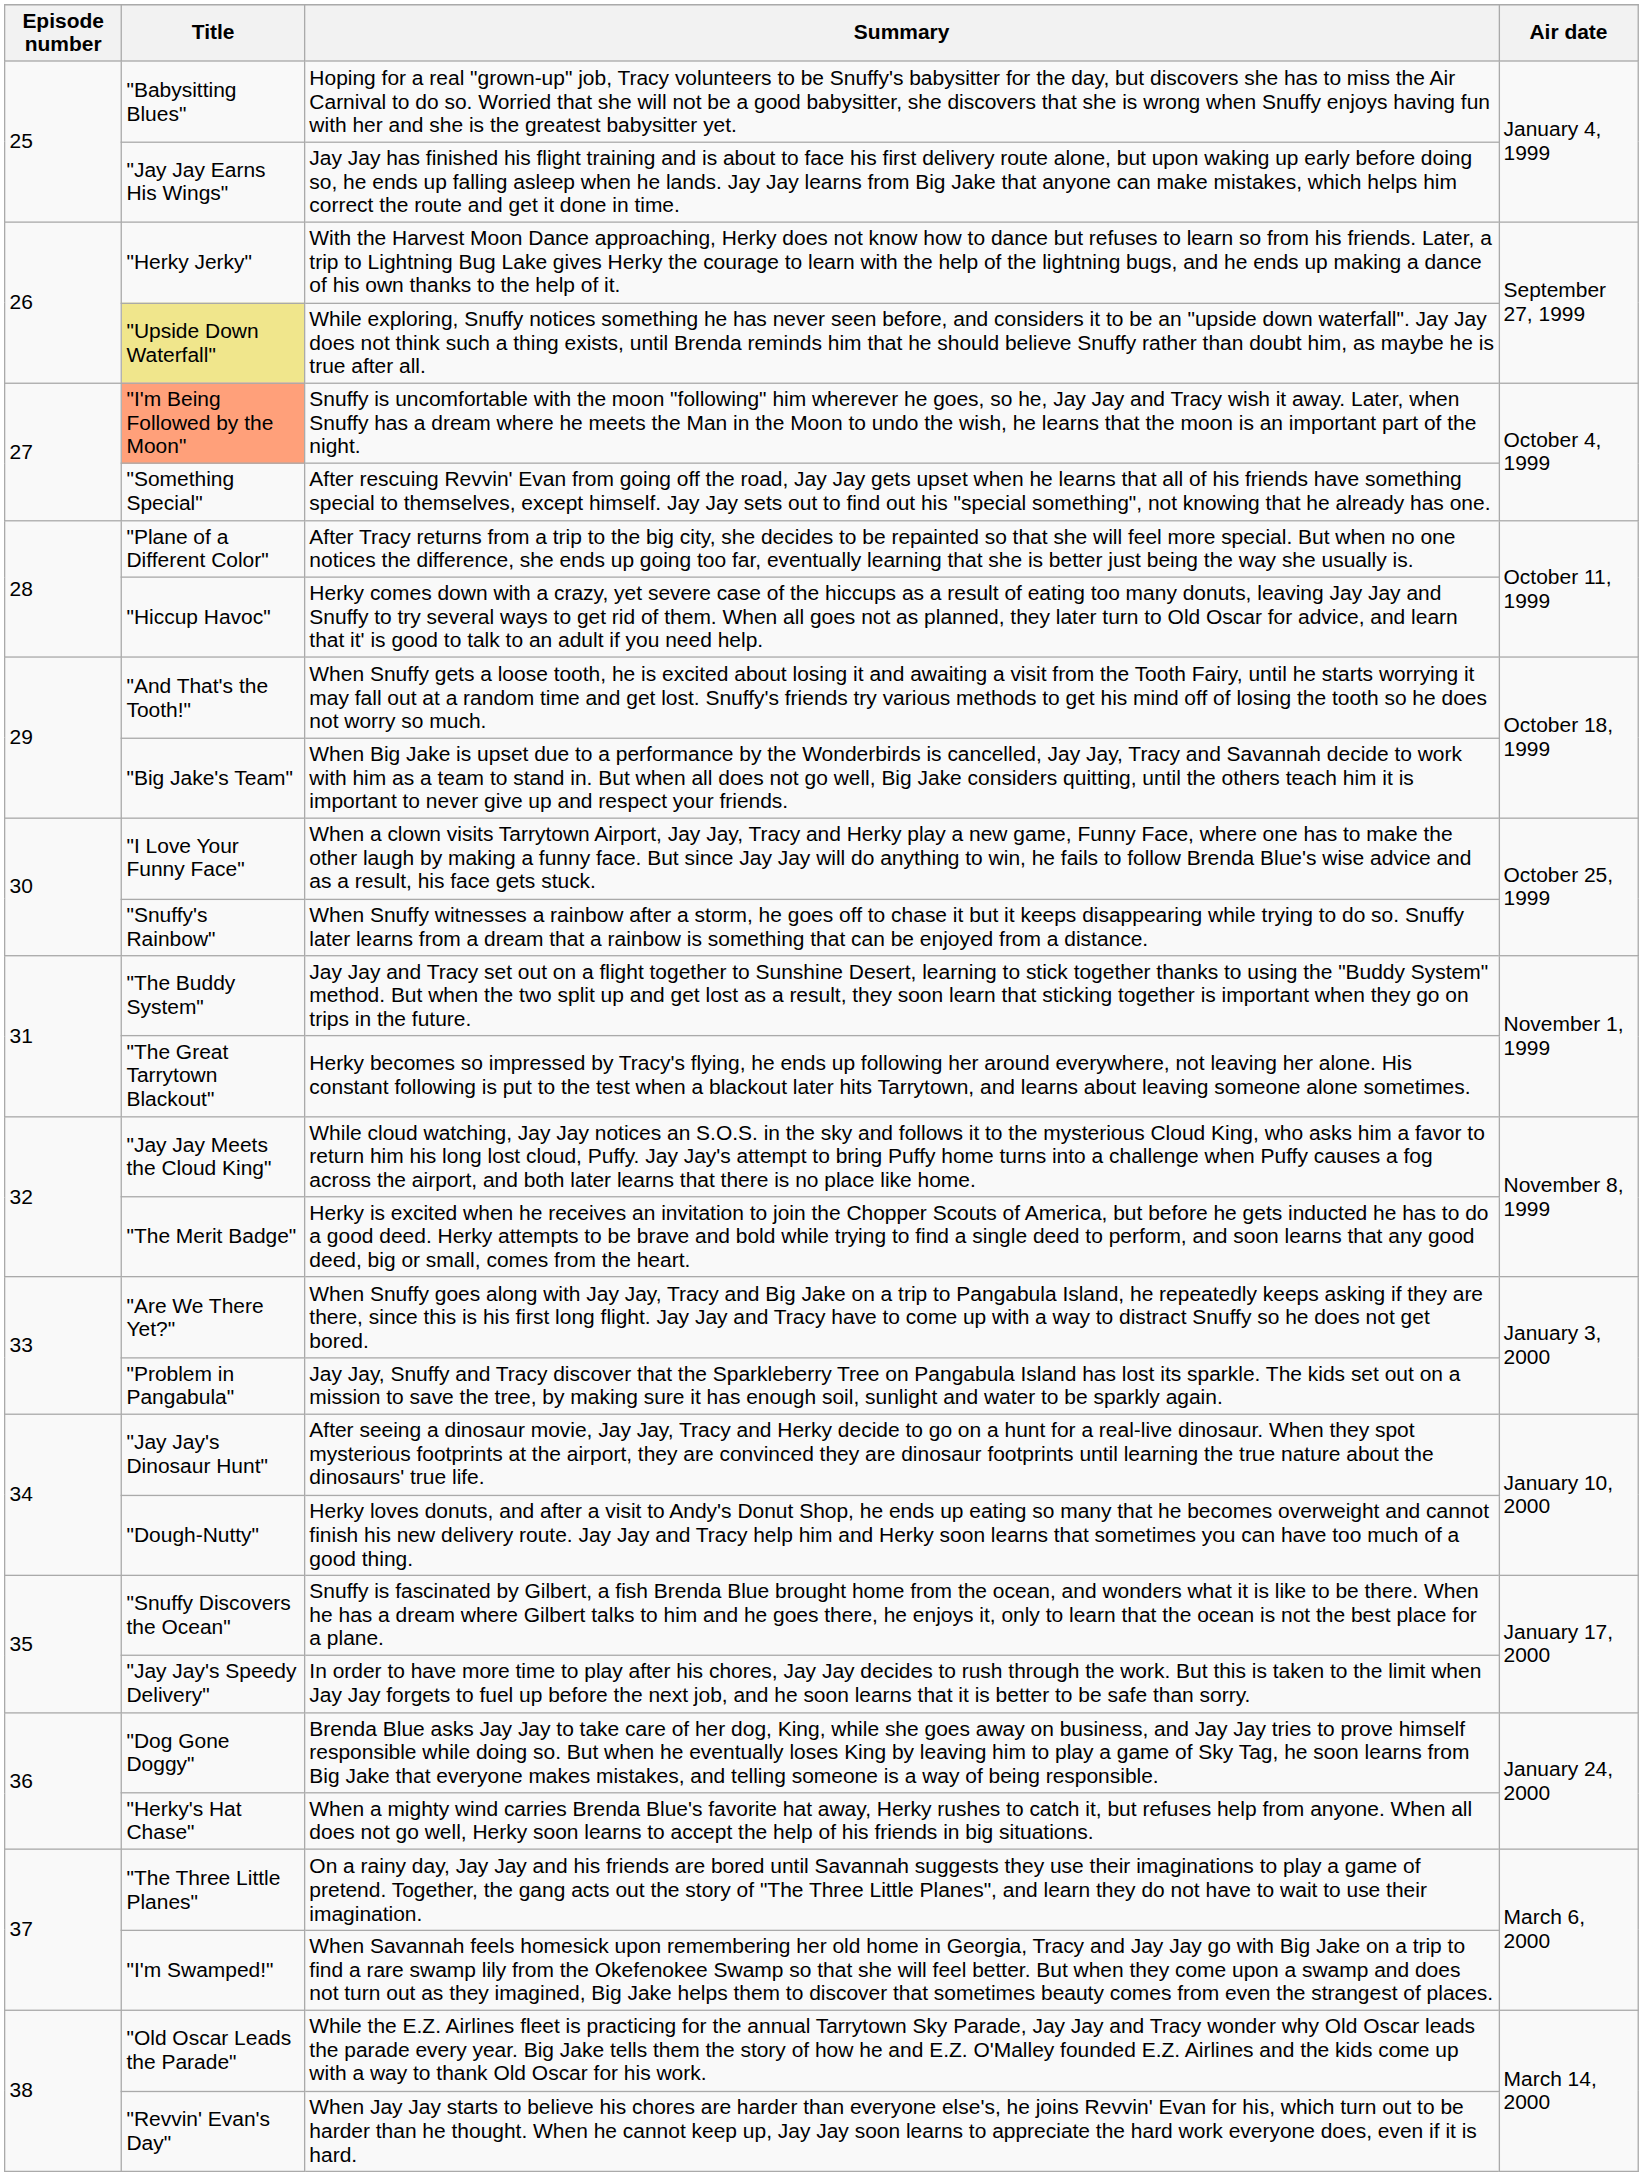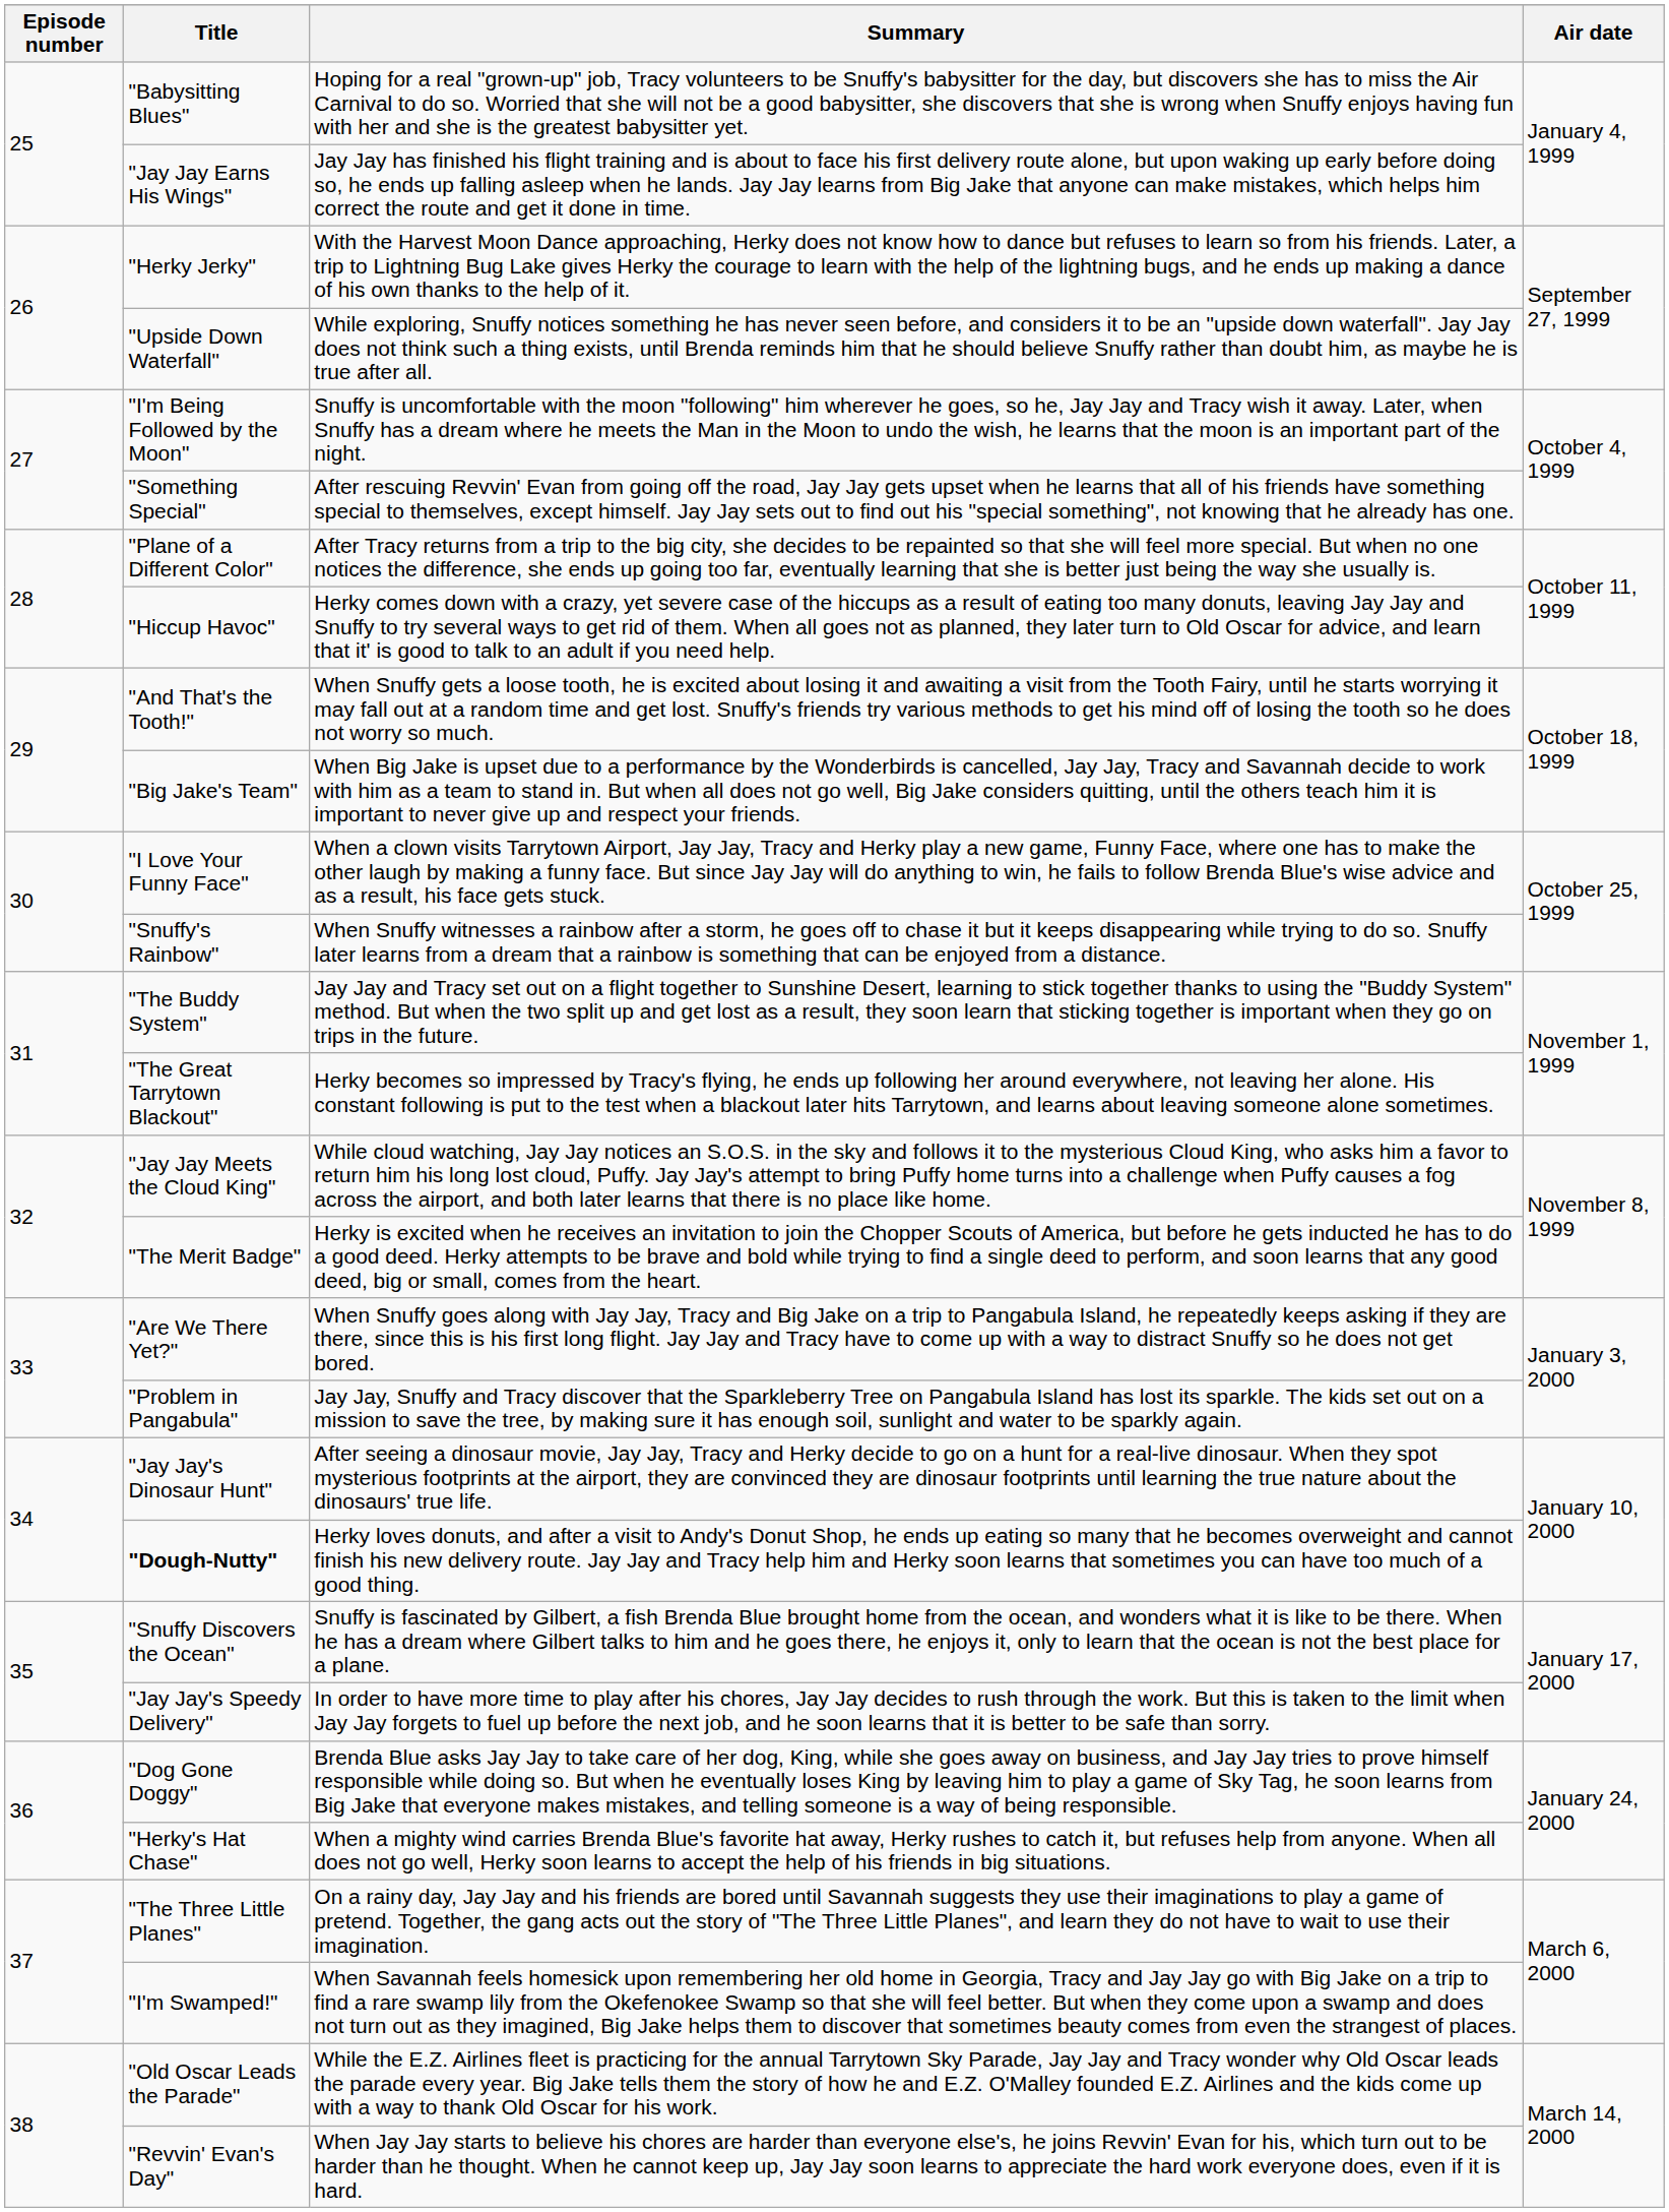 <table class="wikitable">
 <tr style="background-color:#90b;text-align:center;">
 </tr>
 <tr>
 <th>Episode number</th>
 <th>Title</th>
 <th>Summary</th>
 <th>Air date</th>
 </tr>
 <tr>
 <td rowspan="2">25</td>
 <td>"Babysitting Blues"</td>
 <td>Hoping for a real "grown-up" job, Tracy volunteers to be Snuffy's babysitter for the day, but discovers she has to miss the Air Carnival to do so. Worried that she will not be a good babysitter, she discovers that she is wrong when Snuffy enjoys having fun with her and she is the greatest babysitter yet.</td>
 <td rowspan="2">January 4, 1999</td>
 </tr>
 <tr>
 <td>"Jay Jay Earns His Wings"</td>
 <td>Jay Jay has finished his flight training and is about to face his first delivery route alone, but upon waking up early before doing so, he ends up falling asleep when he lands. Jay Jay learns from Big Jake that anyone can make mistakes, which helps him correct the route and get it done in time.</td>
 </tr>
 <tr>
 <td rowspan="2">26</td>
 <td>"Herky Jerky"</td>
 <td>With the Harvest Moon Dance approaching, Herky does not know how to dance but refuses to learn so from his friends. Later, a trip to Lightning Bug Lake gives Herky the courage to learn with the help of the lightning bugs, and he ends up making a dance of his own thanks to the help of it.</td>
 <td rowspan="2">September 27, 1999</td>
 </tr>
 <tr>
-<td style="background: khaki;">"Upside Down Waterfall"</td>
+<td>"Upside Down Waterfall"</td>
 <td>While exploring, Snuffy notices something he has never seen before, and considers it to be an "upside down waterfall". Jay Jay does not think such a thing exists, until Brenda reminds him that he should believe Snuffy rather than doubt him, as maybe he is true after all.</td>
 </tr>
 <tr>
 <td rowspan="2">27</td>
-<td style="background: lightsalmon;">"I'm Being Followed by the Moon"</td>
+<td>"I'm Being Followed by the Moon"</td>
 <td>Snuffy is uncomfortable with the moon "following" him wherever he goes, so he, Jay Jay and Tracy wish it away. Later, when Snuffy has a dream where he meets the Man in the Moon to undo the wish, he learns that the moon is an important part of the night.</td>
 <td rowspan="2">October 4, 1999</td>
 </tr>
 <tr>
 <td>"Something Special"</td>
 <td>After rescuing Revvin' Evan from going off the road, Jay Jay gets upset when he learns that all of his friends have something special to themselves, except himself. Jay Jay sets out to find out his "special something", not knowing that he already has one.</td>
 </tr>
 <tr>
 <td rowspan="2">28</td>
 <td>"Plane of a Different Color"</td>
 <td>After Tracy returns from a trip to the big city, she decides to be repainted so that she will feel more special. But when no one notices the difference, she ends up going too far, eventually learning that she is better just being the way she usually is.</td>
 <td rowspan="2">October 11, 1999</td>
 </tr>
 <tr>
 <td>"Hiccup Havoc"</td>
 <td>Herky comes down with a crazy, yet severe case of the hiccups as a result of eating too many donuts, leaving Jay Jay and Snuffy to try several ways to get rid of them. When all goes not as planned, they later turn to Old Oscar for advice, and learn that it' is good to talk to an adult if you need help.</td>
 </tr>
 <tr>
 <td rowspan="2">29</td>
 <td>"And That's the Tooth!"</td>
 <td>When Snuffy gets a loose tooth, he is excited about losing it and awaiting a visit from the Tooth Fairy, until he starts worrying it may fall out at a random time and get lost. Snuffy's friends try various methods to get his mind off of losing the tooth so he does not worry so much.</td>
 <td rowspan="2">October 18, 1999</td>
 </tr>
 <tr>
 <td>"Big Jake's Team"</td>
 <td>When Big Jake is upset due to a performance by the Wonderbirds is cancelled, Jay Jay, Tracy and Savannah decide to work with him as a team to stand in. But when all does not go well, Big Jake considers quitting, until the others teach him it is important to never give up and respect your friends.</td>
 </tr>
 <tr>
 <td rowspan="2">30</td>
 <td>"I Love Your Funny Face"</td>
 <td>When a clown visits Tarrytown Airport, Jay Jay, Tracy and Herky play a new game, Funny Face, where one has to make the other laugh by making a funny face. But since Jay Jay will do anything to win, he fails to follow Brenda Blue's wise advice and as a result, his face gets stuck.</td>
 <td rowspan="2">October 25, 1999</td>
 </tr>
 <tr>
 <td>"Snuffy's Rainbow"</td>
 <td>When Snuffy witnesses a rainbow after a storm, he goes off to chase it but it keeps disappearing while trying to do so. Snuffy later learns from a dream that a rainbow is something that can be enjoyed from a distance.</td>
 </tr>
 <tr>
 <td rowspan="2">31</td>
 <td>"The Buddy System"</td>
 <td>Jay Jay and Tracy set out on a flight together to Sunshine Desert, learning to stick together thanks to using the "Buddy System" method. But when the two split up and get lost as a result, they soon learn that sticking together is important when they go on trips in the future.</td>
 <td rowspan="2">November 1, 1999</td>
 </tr>
 <tr>
 <td>"The Great Tarrytown Blackout"</td>
 <td>Herky becomes so impressed by Tracy's flying, he ends up following her around everywhere, not leaving her alone. His constant following is put to the test when a blackout later hits Tarrytown, and learns about leaving someone alone sometimes.</td>
 </tr>
 <tr>
 <td rowspan="2">32</td>
 <td>"Jay Jay Meets the Cloud King"</td>
 <td>While cloud watching, Jay Jay notices an S.O.S. in the sky and follows it to the mysterious Cloud King, who asks him a favor to return him his long lost cloud, Puffy. Jay Jay's attempt to bring Puffy home turns into a challenge when Puffy causes a fog across the airport, and both later learns that there is no place like home.</td>
 <td rowspan="2">November 8, 1999</td>
 </tr>
 <tr>
 <td>"The Merit Badge"</td>
 <td>Herky is excited when he receives an invitation to join the Chopper Scouts of America, but before he gets inducted he has to do a good deed. Herky attempts to be brave and bold while trying to find a single deed to perform, and soon learns that any good deed, big or small, comes from the heart.</td>
 </tr>
 <tr>
 <td rowspan="2">33</td>
 <td>"Are We There Yet?"</td>
 <td>When Snuffy goes along with Jay Jay, Tracy and Big Jake on a trip to Pangabula Island, he repeatedly keeps asking if they are there, since this is his first long flight. Jay Jay and Tracy have to come up with a way to distract Snuffy so he does not get bored.</td>
 <td rowspan="2">January 3, 2000</td>
 </tr>
 <tr>
 <td>"Problem in Pangabula"</td>
 <td>Jay Jay, Snuffy and Tracy discover that the Sparkleberry Tree on Pangabula Island has lost its sparkle. The kids set out on a mission to save the tree, by making sure it has enough soil, sunlight and water to be sparkly again.</td>
 </tr>
 <tr>
 <td rowspan="2">34</td>
 <td>"Jay Jay's Dinosaur Hunt"</td>
 <td>After seeing a dinosaur movie, Jay Jay, Tracy and Herky decide to go on a hunt for a real-live dinosaur. When they spot mysterious footprints at the airport, they are convinced they are dinosaur footprints until learning the true nature about the dinosaurs' true life.</td>
 <td rowspan="2">January 10, 2000</td>
 </tr>
 <tr>
-<td>"Dough-Nutty"</td>
+<td><strong>"Dough-Nutty"</strong></td>
 <td>Herky loves donuts, and after a visit to Andy's Donut Shop, he ends up eating so many that he becomes overweight and cannot finish his new delivery route. Jay Jay and Tracy help him and Herky soon learns that sometimes you can have too much of a good thing.</td>
 </tr>
 <tr>
 <td rowspan="2">35</td>
 <td>"Snuffy Discovers the Ocean"</td>
 <td>Snuffy is fascinated by Gilbert, a fish Brenda Blue brought home from the ocean, and wonders what it is like to be there. When he has a dream where Gilbert talks to him and he goes there, he enjoys it, only to learn that the ocean is not the best place for a plane.</td>
 <td rowspan="2">January 17, 2000</td>
 </tr>
 <tr>
 <td>"Jay Jay's Speedy Delivery"</td>
 <td>In order to have more time to play after his chores, Jay Jay decides to rush through the work. But this is taken to the limit when Jay Jay forgets to fuel up before the next job, and he soon learns that it is better to be safe than sorry.</td>
 </tr>
 <tr>
 <td rowspan="2">36</td>
 <td>"Dog Gone Doggy"</td>
 <td>Brenda Blue asks Jay Jay to take care of her dog, King, while she goes away on business, and Jay Jay tries to prove himself responsible while doing so. But when he eventually loses King by leaving him to play a game of Sky Tag, he soon learns from Big Jake that everyone makes mistakes, and telling someone is a way of being responsible.</td>
 <td rowspan="2">January 24, 2000</td>
 </tr>
 <tr>
 <td>"Herky's Hat Chase"</td>
 <td>When a mighty wind carries Brenda Blue's favorite hat away, Herky rushes to catch it, but refuses help from anyone. When all does not go well, Herky soon learns to accept the help of his friends in big situations.</td>
 </tr>
 <tr>
 <td rowspan="2">37</td>
 <td>"The Three Little Planes"</td>
 <td>On a rainy day, Jay Jay and his friends are bored until Savannah suggests they use their imaginations to play a game of pretend. Together, the gang acts out the story of "The Three Little Planes", and learn they do not have to wait to use their imagination.</td>
 <td rowspan="2">March 6, 2000</td>
 </tr>
 <tr>
 <td>"I'm Swamped!"</td>
 <td>When Savannah feels homesick upon remembering her old home in Georgia, Tracy and Jay Jay go with Big Jake on a trip to find a rare swamp lily from the Okefenokee Swamp so that she will feel better. But when they come upon a swamp and does not turn out as they imagined, Big Jake helps them to discover that sometimes beauty comes from even the strangest of places.</td>
 </tr>
 <tr>
 <td rowspan="2">38</td>
 <td>"Old Oscar Leads the Parade"</td>
 <td>While the E.Z. Airlines fleet is practicing for the annual Tarrytown Sky Parade, Jay Jay and Tracy wonder why Old Oscar leads the parade every year. Big Jake tells them the story of how he and E.Z. O'Malley founded E.Z. Airlines and the kids come up with a way to thank Old Oscar for his work.</td>
 <td rowspan="2">March 14, 2000</td>
 </tr>
 <tr>
 <td>"Revvin' Evan's Day"</td>
 <td>When Jay Jay starts to believe his chores are harder than everyone else's, he joins Revvin' Evan for his, which turn out to be harder than he thought. When he cannot keep up, Jay Jay soon learns to appreciate the hard work everyone does, even if it is hard.</td>
 </tr>
 </table>
